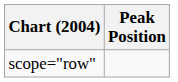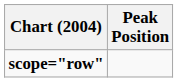 <table class="wikitable">
 <tr>
 <th align="left">Chart (2004)</th>
 <th align="left">Peak<br>Position</th>
 </tr>
 <tr>
-<td>scope="row"</td>
+<td><strong>scope="row"</strong></td>
 </tr>
 </table>
